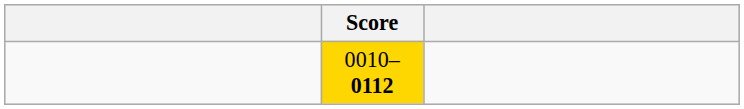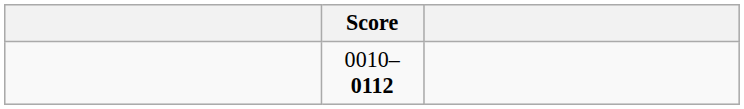 <table class="wikitable" style="text-align: center; font-size:90% ">
 <tr>
 <th align="right" width="200"></th>
 <th width="60">Score</th>
 <th align="left" width="200"></th>
 </tr>
 <tr>
 <td align="left"></td>
-<td style="background: gold;">0010–<strong>0112</strong></td>
+<td>0010–<strong>0112</strong></td>
 <td align="left"><strong></strong></td>
 </tr>
 </table>
